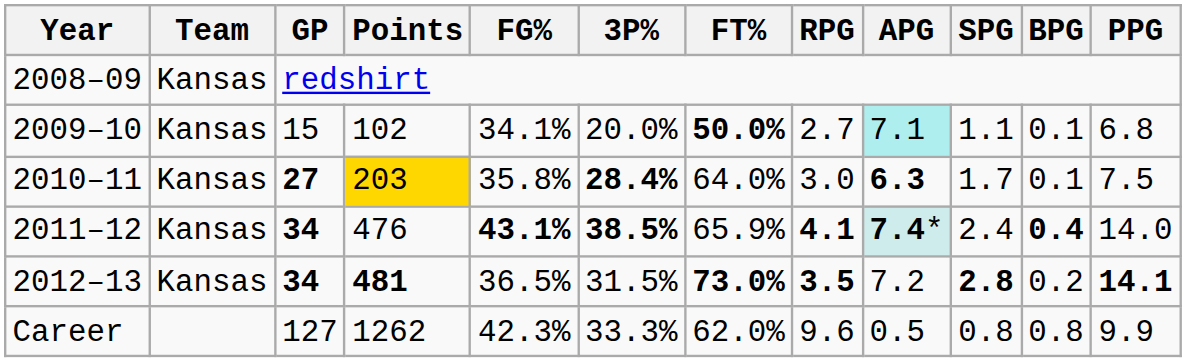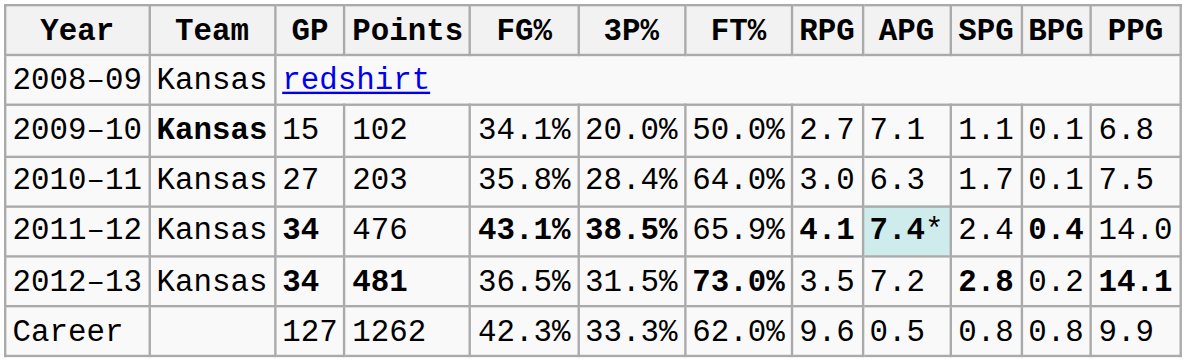 <table class="wikitable">
 <tr>
 <th><strong>Year</strong></th>
 <th><strong>Team</strong></th>
 <th><strong>GP</strong></th>
 <th><strong>Points</strong></th>
 <th><strong>FG%</strong></th>
 <th><strong>3P%</strong></th>
 <th><strong>FT%</strong></th>
 <th><strong>RPG</strong></th>
 <th><strong>APG</strong></th>
 <th><strong>SPG</strong></th>
 <th><strong>BPG</strong></th>
 <th><strong>PPG</strong></th>
 </tr>
 <tr>
 <td>2008–09</td>
 <td>Kansas</td>
 <td colspan="10"><a href='#'>redshirt</a></td>
 </tr>
 <tr>
 <td>2009–10</td>
-<td>Kansas</td>
+<td><strong>Kansas</strong></td>
 <td>15</td>
 <td>102</td>
 <td>34.1%</td>
 <td>20.0%</td>
-<td><strong>50.0%</strong></td>
+<td>50.0%</td>
 <td>2.7</td>
-<td style="background: paleturquoise;">7.1</td>
+<td>7.1</td>
 <td>1.1</td>
 <td>0.1</td>
 <td>6.8</td>
 </tr>
 <tr>
 <td>2010–11</td>
 <td>Kansas</td>
-<td><strong>27</strong></td>
-<td style="background: gold;">203</td>
+<td>27</td>
+<td>203</td>
 <td>35.8%</td>
-<td><strong>28.4%</strong></td>
+<td>28.4%</td>
 <td>64.0%</td>
 <td>3.0</td>
-<td><strong>6.3</strong></td>
+<td>6.3</td>
 <td>1.7</td>
 <td>0.1</td>
 <td>7.5</td>
 </tr>
 <tr>
 <td>2011–12</td>
 <td>Kansas</td>
 <td><strong>34</strong></td>
 <td>476</td>
 <td><strong>43.1%</strong></td>
 <td><strong>38.5%</strong></td>
 <td>65.9%</td>
 <td><strong>4.1</strong></td>
 <td bgcolor=#cfecec><strong>7.4</strong>*</td>
 <td>2.4</td>
 <td><strong>0.4</strong></td>
 <td>14.0</td>
 </tr>
 <tr>
 <td>2012–13</td>
 <td>Kansas</td>
 <td><strong>34</strong></td>
 <td><strong>481</strong></td>
 <td>36.5%</td>
 <td>31.5%</td>
 <td><strong>73.0%</strong></td>
-<td><strong>3.5</strong></td>
+<td>3.5</td>
 <td>7.2</td>
 <td><strong>2.8</strong></td>
 <td>0.2</td>
 <td><strong>14.1</strong></td>
 </tr>
 <tr>
 <td>Career</td>
 <td></td>
 <td>127</td>
 <td>1262</td>
 <td>42.3%</td>
 <td>33.3%</td>
 <td>62.0%</td>
 <td>9.6</td>
 <td>0.5</td>
 <td>0.8</td>
 <td>0.8</td>
 <td>9.9</td>
 </tr>
 </table>
